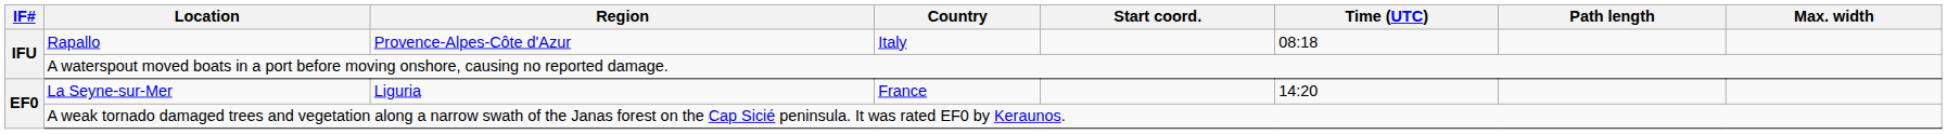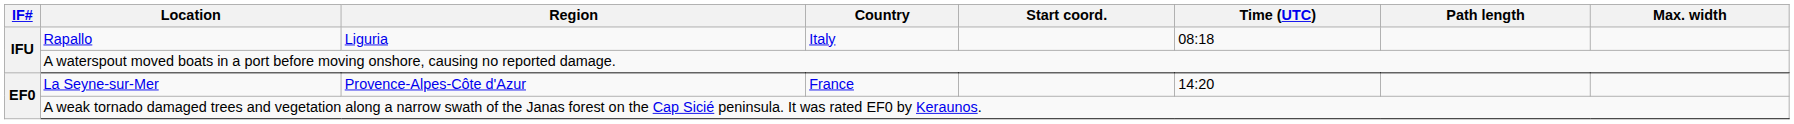 <table class="wikitable sortable" style="width:100%;">
 <tr>
 <th scope="col" width="2%" align="center"><a href='#'>IF#</a></th>
 <th scope="col" align="center" class="unsortable">Location</th>
 <th scope="col" align="center" class="unsortable">Region</th>
 <th scope="col" align="center">Country</th>
 <th scope="col" align="center">Start coord.</th>
 <th scope="col" align="center">Time (<a href='#'>UTC</a>)</th>
 <th scope="col" align="center">Path length</th>
 <th scope="col" align="center">Max. width</th>
 </tr>
 <tr>
 <th scope="row" rowspan="2" style="background-color:#">IFU</th>
 <td><a href='#'>Rapallo</a></td>
-<td><a href='#'>Provence-Alpes-Côte d'Azur</a></td>
+<td><a href='#'>Liguria</a></td>
 <td><a href='#'>Italy</a></td>
 <td></td>
 <td>08:18</td>
 <td></td>
 <td></td>
 </tr>
 <tr class="expand-child">
 <td colspan="8" style=" border-bottom: 1px solid black;">A waterspout moved boats in a port before moving onshore, causing no reported damage.</td>
 </tr>
 <tr>
 <th scope="row" rowspan="2" style="background-color:#">EF0</th>
 <td><a href='#'>La Seyne-sur-Mer</a></td>
-<td><a href='#'>Liguria</a></td>
+<td><a href='#'>Provence-Alpes-Côte d'Azur</a></td>
 <td><a href='#'>France</a></td>
 <td></td>
 <td>14:20</td>
 <td></td>
 <td></td>
 </tr>
 <tr class="expand-child">
 <td colspan="8" style=" border-bottom: 1px solid black;">A weak tornado  damaged trees and vegetation along a narrow swath of the Janas forest on the <a href='#'>Cap Sicié</a> peninsula. It was rated EF0 by <a href='#'>Keraunos</a>.</td>
 </tr>
 </table>
